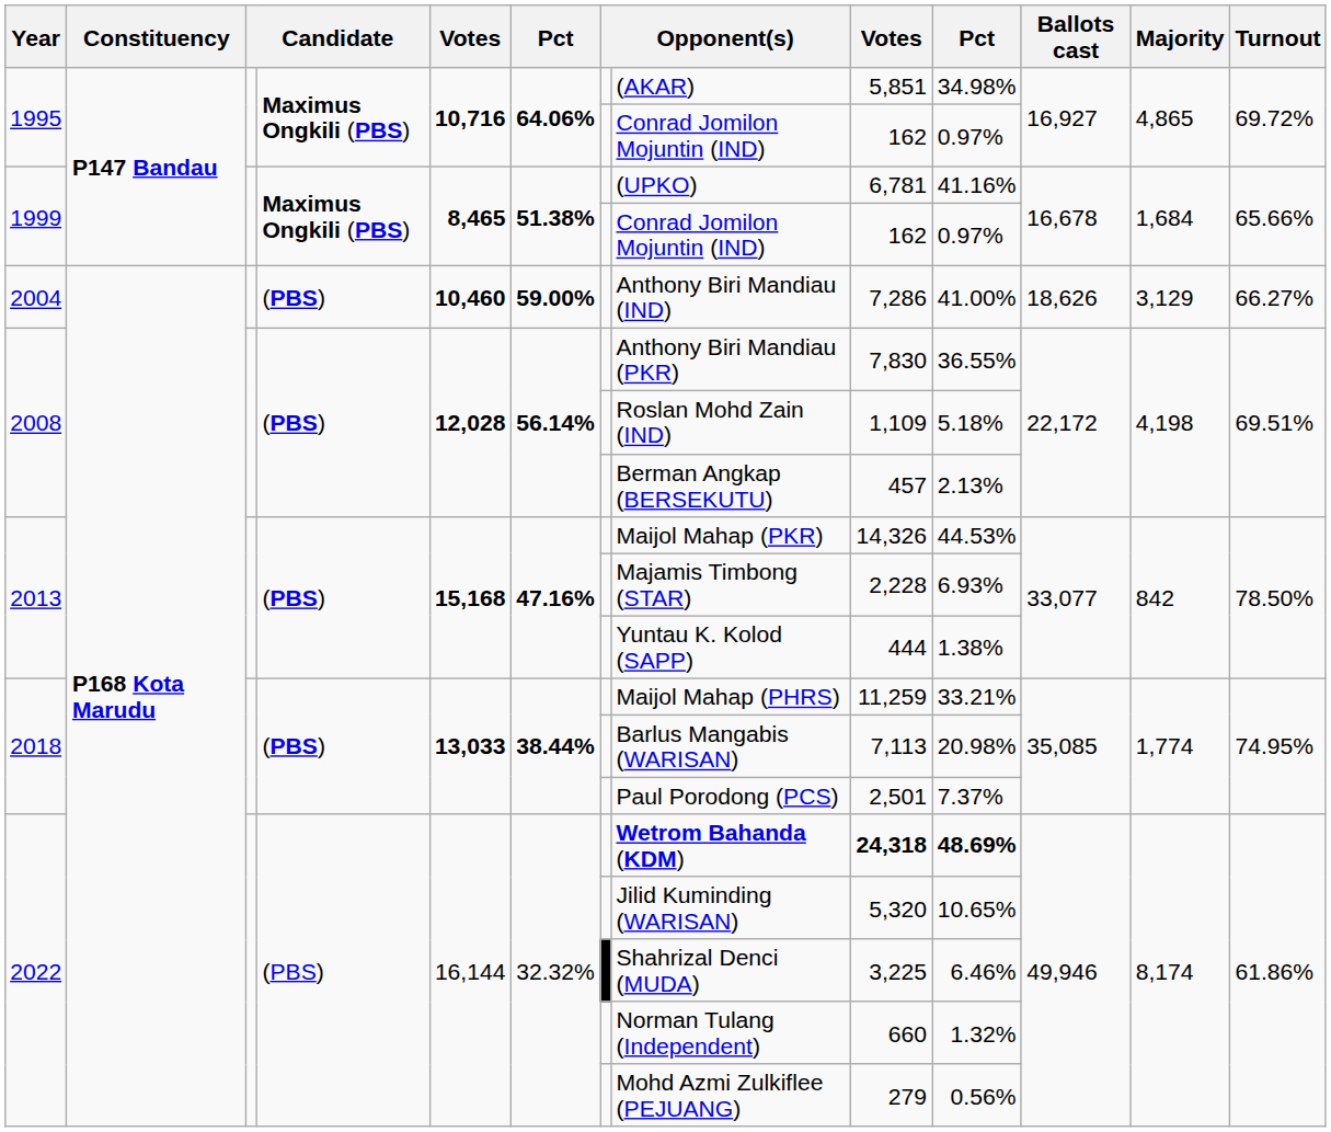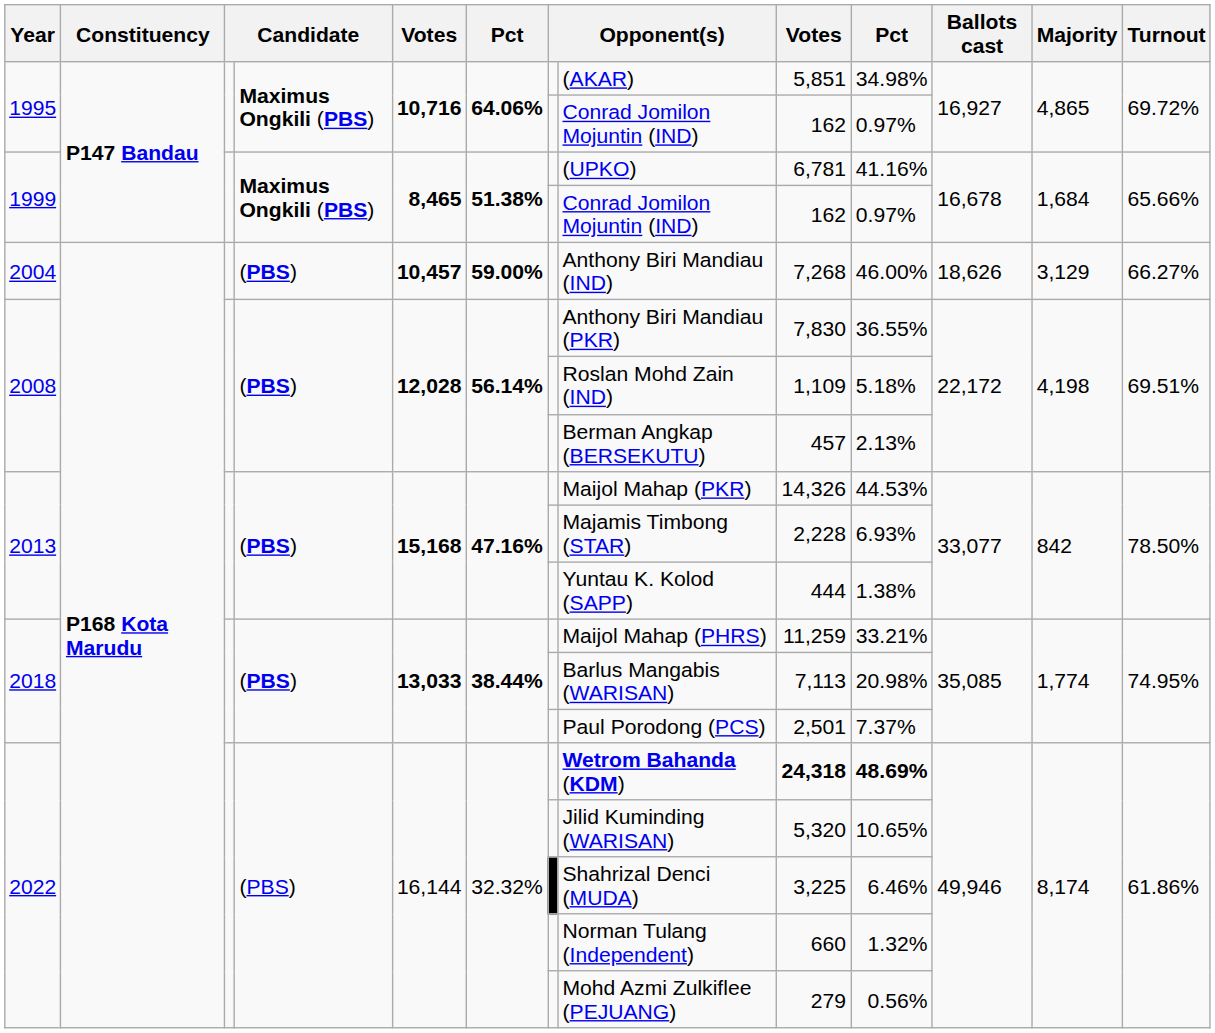 <table class="wikitable" style="margin:0.5em ; font-size:95%">
 <tr>
 <th>Year</th>
 <th>Constituency</th>
 <th colspan=2>Candidate</th>
 <th>Votes</th>
 <th>Pct</th>
 <th colspan=2>Opponent(s)</th>
 <th>Votes</th>
 <th>Pct</th>
 <th>Ballots cast</th>
 <th>Majority</th>
 <th>Turnout</th>
 </tr>
 <tr>
 <td rowspan=2><a href='#'>1995</a></td>
 <td rowspan=4><strong>P147 <a href='#'>Bandau</a></strong></td>
 <td rowspan=2 ></td>
 <td rowspan=2><strong>Maximus Ongkili</strong> (<a href='#'><strong>PBS</strong></a>)</td>
 <td rowspan=2 align="right"><strong>10,716</strong></td>
 <td rowspan=2><strong>64.06%</strong></td>
 <td></td>
 <td> (<a href='#'>AKAR</a>)</td>
 <td align="right">5,851</td>
 <td>34.98%</td>
 <td rowspan=2>16,927</td>
 <td rowspan=2>4,865</td>
 <td rowspan=2>69.72%</td>
 </tr>
 <tr>
 <td></td>
 <td><a href='#'>Conrad Jomilon Mojuntin</a> (<a href='#'>IND</a>)</td>
 <td align="right">162</td>
 <td>0.97%</td>
 </tr>
 <tr>
 <td rowspan=2><a href='#'>1999</a></td>
 <td rowspan=2 ></td>
 <td rowspan=2><strong>Maximus Ongkili</strong> (<a href='#'><strong>PBS</strong></a>)</td>
 <td rowspan=2 align="right"><strong>8,465</strong></td>
 <td rowspan=2><strong>51.38%</strong></td>
 <td></td>
 <td> (<a href='#'>UPKO</a>)</td>
 <td align="right">6,781</td>
 <td>41.16%</td>
 <td rowspan=2>16,678</td>
 <td rowspan=2>1,684</td>
 <td rowspan=2>65.66%</td>
 </tr>
 <tr>
 <td></td>
 <td><a href='#'>Conrad Jomilon Mojuntin</a> (<a href='#'>IND</a>)</td>
 <td align="right">162</td>
 <td>0.97%</td>
 </tr>
 <tr>
 <td><a href='#'>2004</a></td>
 <td rowspan=15><strong>P168 <a href='#'>Kota Marudu</a></strong></td>
 <td></td>
 <td> (<a href='#'><strong>PBS</strong></a>)</td>
-<td align="right"><strong>10,460</strong></td>
+<td align="right"><strong>10,457</strong></td>
 <td><strong>59.00%</strong></td>
 <td></td>
 <td>Anthony Biri Mandiau (<a href='#'>IND</a>)</td>
-<td align="right">7,286</td>
-<td>41.00%</td>
+<td align="right">7,268</td>
+<td>46.00%</td>
 <td rowspan=1>18,626</td>
 <td rowspan=1>3,129</td>
 <td rowspan=1>66.27%</td>
 </tr>
 <tr>
 <td rowspan=3><a href='#'>2008</a></td>
 <td rowspan=3 ></td>
 <td rowspan=3> (<a href='#'><strong>PBS</strong></a>)</td>
 <td rowspan=3 align="right"><strong>12,028</strong></td>
 <td rowspan=3><strong>56.14%</strong></td>
 <td></td>
 <td>Anthony Biri Mandiau (<a href='#'>PKR</a>)</td>
 <td align="right">7,830</td>
 <td>36.55%</td>
 <td rowspan=3>22,172</td>
 <td rowspan=3>4,198</td>
 <td rowspan=3>69.51%</td>
 </tr>
 <tr>
 <td></td>
 <td>Roslan Mohd Zain (<a href='#'>IND</a>)</td>
 <td align="right">1,109</td>
 <td>5.18%</td>
 </tr>
 <tr>
 <td></td>
 <td>Berman Angkap (<a href='#'>BERSEKUTU</a>)</td>
 <td align="right">457</td>
 <td>2.13%</td>
 </tr>
 <tr>
 <td rowspan=3><a href='#'>2013</a></td>
 <td rowspan=3 ></td>
 <td rowspan=3> (<a href='#'><strong>PBS</strong></a>)</td>
 <td rowspan=3 align="right"><strong>15,168</strong></td>
 <td rowspan=3><strong>47.16%</strong></td>
 <td></td>
 <td>Maijol Mahap (<a href='#'>PKR</a>)</td>
 <td align="right">14,326</td>
 <td>44.53%</td>
 <td rowspan=3>33,077</td>
 <td rowspan=3>842</td>
 <td rowspan=3>78.50%</td>
 </tr>
 <tr>
 <td></td>
 <td>Majamis Timbong (<a href='#'>STAR</a>)</td>
 <td align="right">2,228</td>
 <td>6.93%</td>
 </tr>
 <tr>
 <td></td>
 <td>Yuntau K. Kolod (<a href='#'>SAPP</a>)</td>
 <td align="right">444</td>
 <td>1.38%</td>
 </tr>
 <tr>
 <td rowspan=3><a href='#'>2018</a></td>
 <td rowspan=3 ></td>
 <td rowspan=3> (<a href='#'><strong>PBS</strong></a>)</td>
 <td rowspan=3 align="right"><strong>13,033</strong></td>
 <td rowspan=3><strong>38.44%</strong></td>
 <td></td>
 <td>Maijol Mahap (<a href='#'>PHRS</a>)</td>
 <td align="right">11,259</td>
 <td>33.21%</td>
 <td rowspan=3>35,085</td>
 <td rowspan=3>1,774</td>
 <td rowspan=3>74.95%</td>
 </tr>
 <tr>
 <td></td>
 <td>Barlus Mangabis (<a href='#'>WARISAN</a>)</td>
 <td align="right">7,113</td>
 <td>20.98%</td>
 </tr>
 <tr>
 <td></td>
 <td>Paul Porodong (<a href='#'>PCS</a>)</td>
 <td align="right">2,501</td>
 <td>7.37%</td>
 </tr>
 <tr>
 <td rowspan="5"><a href='#'>2022</a></td>
 <td rowspan="5" ></td>
 <td rowspan="5"> (<a href='#'>PBS</a>)</td>
 <td rowspan="5" align="right">16,144</td>
 <td rowspan="5" align="right">32.32%</td>
 <td></td>
 <td><strong><a href='#'>Wetrom Bahanda</a></strong> (<a href='#'><strong>KDM</strong></a>)</td>
 <td align="right"><strong>24,318</strong></td>
 <td align="right"><strong>48.69%</strong></td>
 <td rowspan="5">49,946</td>
 <td rowspan="5">8,174</td>
 <td rowspan="5">61.86%</td>
 </tr>
 <tr>
 <td></td>
 <td>Jilid Kuminding (<a href='#'>WARISAN</a>)</td>
 <td align="right">5,320</td>
 <td align="right">10.65%</td>
 </tr>
 <tr>
 <td bgcolor="black"></td>
 <td>Shahrizal Denci (<a href='#'>MUDA</a>)</td>
 <td align="right">3,225</td>
 <td align="right">6.46%</td>
 </tr>
 <tr>
 <td></td>
 <td>Norman Tulang (<a href='#'>Independent</a>)</td>
 <td align="right">660</td>
 <td align="right">1.32%</td>
 </tr>
 <tr>
 <td bgcolor=></td>
 <td>Mohd Azmi Zulkiflee (<a href='#'>PEJUANG</a>)</td>
 <td align="right">279</td>
 <td align="right">0.56%</td>
 </tr>
 </table>
